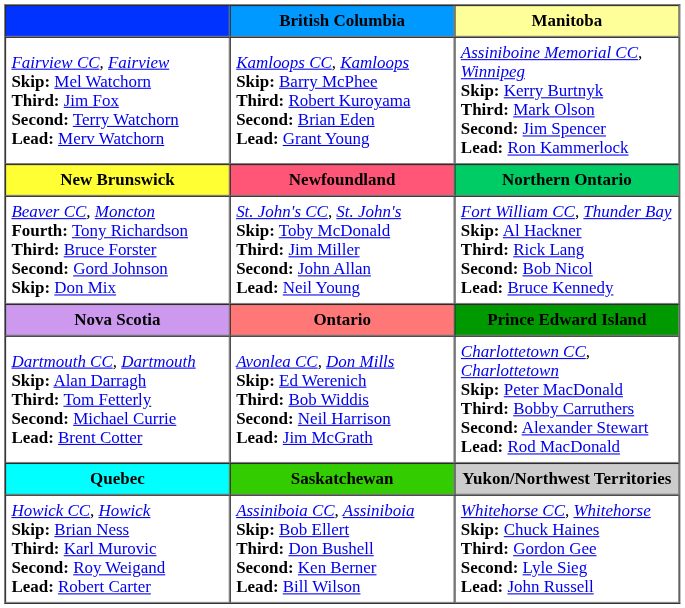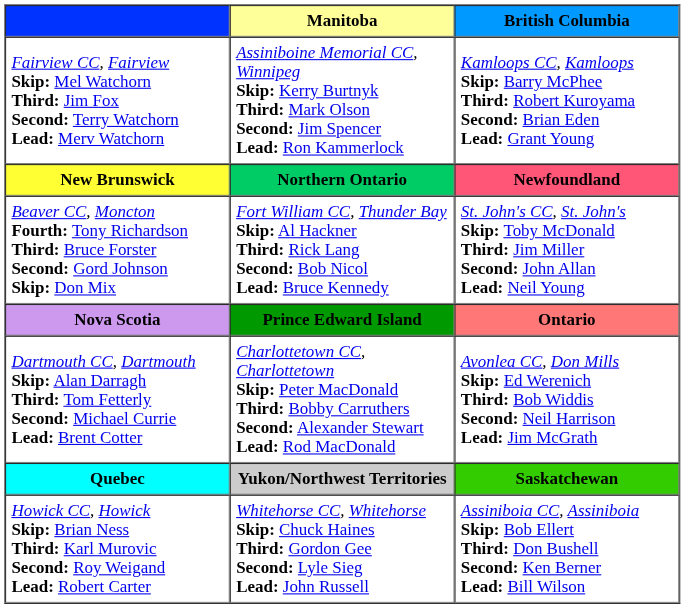 <table border=1 cellpadding=5 cellspacing=0>
 <tr>
 <th style="background:#03f; width:200px;"></th>
+<th style="background:#ff9; width:200px;">Manitoba</th>
 <th style="background:#09f; width:200px;">British Columbia</th>
-<th style="background:#ff9; width:200px;">Manitoba</th>
 </tr>
 <tr>
 <td><em><a href='#'>Fairview CC</a>, <a href='#'>Fairview</a></em><br><strong>Skip:</strong> <a href='#'>Mel Watchorn</a><br> <strong>Third:</strong> <a href='#'>Jim Fox</a><br> <strong>Second:</strong> <a href='#'>Terry Watchorn</a><br> <strong>Lead:</strong> <a href='#'>Merv Watchorn</a></td>
+<td><em><a href='#'>Assiniboine Memorial CC</a>, <a href='#'>Winnipeg</a></em><br><strong>Skip:</strong> <a href='#'>Kerry Burtnyk</a><br> <strong>Third:</strong> <a href='#'>Mark Olson</a><br> <strong>Second:</strong> <a href='#'>Jim Spencer</a><br> <strong>Lead:</strong> <a href='#'>Ron Kammerlock</a></td>
 <td><em><a href='#'>Kamloops CC</a>, <a href='#'>Kamloops</a></em><br><strong>Skip:</strong> <a href='#'>Barry McPhee</a><br> <strong>Third:</strong> <a href='#'>Robert Kuroyama</a><br> <strong>Second:</strong> <a href='#'>Brian Eden</a><br> <strong>Lead:</strong> <a href='#'>Grant Young</a></td>
-<td><em><a href='#'>Assiniboine Memorial CC</a>, <a href='#'>Winnipeg</a></em><br><strong>Skip:</strong> <a href='#'>Kerry Burtnyk</a><br> <strong>Third:</strong> <a href='#'>Mark Olson</a><br> <strong>Second:</strong> <a href='#'>Jim Spencer</a><br> <strong>Lead:</strong> <a href='#'>Ron Kammerlock</a></td>
 </tr>
 <tr>
 <th style="background:#ff3; width:200px;">New Brunswick</th>
+<th style="background:#0c6; width:200px;">Northern Ontario</th>
 <th style="background:#f57; width:200px;">Newfoundland</th>
-<th style="background:#0c6; width:200px;">Northern Ontario</th>
 </tr>
 <tr>
 <td><em><a href='#'>Beaver CC</a>, <a href='#'>Moncton</a></em><br><strong>Fourth:</strong> <a href='#'>Tony Richardson</a><br> <strong>Third:</strong> <a href='#'>Bruce Forster</a><br> <strong>Second:</strong> <a href='#'>Gord Johnson</a><br> <strong>Skip:</strong> <a href='#'>Don Mix</a></td>
+<td><em><a href='#'>Fort William CC</a>, <a href='#'>Thunder Bay</a></em><br><strong>Skip:</strong> <a href='#'>Al Hackner</a><br> <strong>Third:</strong> <a href='#'>Rick Lang</a><br> <strong>Second:</strong> <a href='#'>Bob Nicol</a><br> <strong>Lead:</strong> <a href='#'>Bruce Kennedy</a></td>
 <td><em><a href='#'>St. John's CC</a>, <a href='#'>St. John's</a></em><br><strong>Skip:</strong> <a href='#'>Toby McDonald</a><br> <strong>Third:</strong> <a href='#'>Jim Miller</a><br> <strong>Second:</strong> <a href='#'>John Allan</a><br> <strong>Lead:</strong> <a href='#'>Neil Young</a></td>
-<td><em><a href='#'>Fort William CC</a>, <a href='#'>Thunder Bay</a></em><br><strong>Skip:</strong> <a href='#'>Al Hackner</a><br> <strong>Third:</strong> <a href='#'>Rick Lang</a><br> <strong>Second:</strong> <a href='#'>Bob Nicol</a><br> <strong>Lead:</strong> <a href='#'>Bruce Kennedy</a></td>
 </tr>
 <tr>
 <th style="background:#c9e; width:200px;">Nova Scotia</th>
+<th style="background:#090; width:200px;">Prince Edward Island</th>
 <th style="background:#f77; width:200px;">Ontario</th>
-<th style="background:#090; width:200px;">Prince Edward Island</th>
 </tr>
 <tr>
 <td><em><a href='#'>Dartmouth CC</a>, <a href='#'>Dartmouth</a></em><br><strong>Skip:</strong> <a href='#'>Alan Darragh</a><br> <strong>Third:</strong> <a href='#'>Tom Fetterly</a><br> <strong>Second:</strong> <a href='#'>Michael Currie</a><br> <strong>Lead:</strong> <a href='#'>Brent Cotter</a></td>
+<td><em><a href='#'>Charlottetown CC</a>, <a href='#'>Charlottetown</a></em><br><strong>Skip:</strong> <a href='#'>Peter MacDonald</a><br> <strong>Third:</strong> <a href='#'>Bobby Carruthers</a><br> <strong>Second:</strong> <a href='#'>Alexander Stewart</a><br> <strong>Lead:</strong> <a href='#'>Rod MacDonald</a></td>
 <td><em><a href='#'>Avonlea CC</a>, <a href='#'>Don Mills</a></em><br><strong>Skip:</strong> <a href='#'>Ed Werenich</a><br> <strong>Third:</strong> <a href='#'>Bob Widdis</a><br> <strong>Second:</strong> <a href='#'>Neil Harrison</a><br> <strong>Lead:</strong> <a href='#'>Jim McGrath</a></td>
-<td><em><a href='#'>Charlottetown CC</a>, <a href='#'>Charlottetown</a></em><br><strong>Skip:</strong> <a href='#'>Peter MacDonald</a><br> <strong>Third:</strong> <a href='#'>Bobby Carruthers</a><br> <strong>Second:</strong> <a href='#'>Alexander Stewart</a><br> <strong>Lead:</strong> <a href='#'>Rod MacDonald</a></td>
 </tr>
 <tr>
 <th style="background:#0ff; width:200px;">Quebec</th>
+<th style="background:#ccc; width:200px;">Yukon/Northwest Territories</th>
 <th style="background:#3c0; width:200px;">Saskatchewan</th>
-<th style="background:#ccc; width:200px;">Yukon/Northwest Territories</th>
 </tr>
 <tr>
 <td><em><a href='#'>Howick CC</a>, <a href='#'>Howick</a></em><br><strong>Skip:</strong> <a href='#'>Brian Ness</a><br> <strong>Third:</strong> <a href='#'>Karl Murovic</a><br> <strong>Second:</strong> <a href='#'>Roy Weigand</a><br> <strong>Lead:</strong> <a href='#'>Robert Carter</a></td>
+<td><em><a href='#'>Whitehorse CC</a>, <a href='#'>Whitehorse</a></em><br><strong>Skip:</strong> <a href='#'>Chuck Haines</a><br> <strong>Third:</strong> <a href='#'>Gordon Gee</a><br> <strong>Second:</strong> <a href='#'>Lyle Sieg</a><br> <strong>Lead:</strong> <a href='#'>John Russell</a></td>
 <td><em><a href='#'>Assiniboia CC</a>, <a href='#'>Assiniboia</a></em><br><strong>Skip:</strong> <a href='#'>Bob Ellert</a><br> <strong>Third:</strong> <a href='#'>Don Bushell</a><br> <strong>Second:</strong> <a href='#'>Ken Berner</a><br> <strong>Lead:</strong> <a href='#'>Bill Wilson</a></td>
-<td><em><a href='#'>Whitehorse CC</a>, <a href='#'>Whitehorse</a></em><br><strong>Skip:</strong> <a href='#'>Chuck Haines</a><br> <strong>Third:</strong> <a href='#'>Gordon Gee</a><br> <strong>Second:</strong> <a href='#'>Lyle Sieg</a><br> <strong>Lead:</strong> <a href='#'>John Russell</a></td>
 </tr>
 </table>
